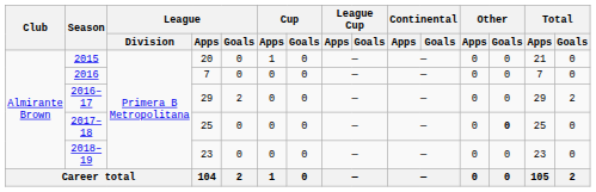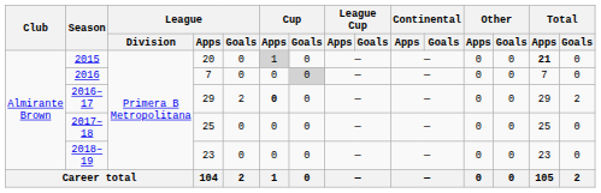 <table class="wikitable" style="text-align:center">
 <tr>
 <th rowspan="2">Club</th>
 <th rowspan="2">Season</th>
 <th colspan="3">League</th>
 <th colspan="2">Cup</th>
 <th colspan="2">League Cup</th>
 <th colspan="2">Continental</th>
 <th colspan="2">Other</th>
 <th colspan="2">Total</th>
 </tr>
 <tr>
 <th>Division</th>
 <th>Apps</th>
 <th>Goals</th>
 <th>Apps</th>
 <th>Goals</th>
 <th>Apps</th>
 <th>Goals</th>
 <th>Apps</th>
 <th>Goals</th>
 <th>Apps</th>
 <th>Goals</th>
 <th>Apps</th>
 <th>Goals</th>
 </tr>
 <tr>
 <td rowspan="5"><a href='#'>Almirante Brown</a></td>
 <td><a href='#'>2015</a></td>
 <td rowspan="5"><a href='#'>Primera B Metropolitana</a></td>
 <td>20</td>
 <td>0</td>
-<td>1</td>
+<td style="background: lightgrey;">1</td>
 <td>0</td>
 <td colspan="2">—</td>
 <td colspan="2">—</td>
 <td>0</td>
 <td>0</td>
-<td>21</td>
+<td><strong>21</strong></td>
 <td>0</td>
 </tr>
 <tr>
 <td><a href='#'>2016</a></td>
 <td>7</td>
 <td>0</td>
 <td>0</td>
-<td>0</td>
+<td style="background: lightgrey;">0</td>
 <td colspan="2">—</td>
 <td colspan="2">—</td>
 <td>0</td>
 <td>0</td>
 <td>7</td>
 <td>0</td>
 </tr>
 <tr>
 <td><a href='#'>2016–17</a></td>
 <td>29</td>
 <td>2</td>
-<td>0</td>
+<td><strong>0</strong></td>
 <td>0</td>
 <td colspan="2">—</td>
 <td colspan="2">—</td>
 <td>0</td>
 <td>0</td>
 <td>29</td>
 <td>2</td>
 </tr>
 <tr>
 <td><a href='#'>2017–18</a></td>
 <td>25</td>
 <td>0</td>
 <td>0</td>
 <td>0</td>
 <td colspan="2">—</td>
 <td colspan="2">—</td>
 <td>0</td>
-<td><strong>0</strong></td>
+<td>0</td>
 <td>25</td>
 <td>0</td>
 </tr>
 <tr>
 <td><a href='#'>2018–19</a></td>
 <td>23</td>
 <td>0</td>
 <td>0</td>
 <td>0</td>
 <td colspan="2">—</td>
 <td colspan="2">—</td>
 <td>0</td>
 <td>0</td>
 <td>23</td>
 <td>0</td>
 </tr>
 <tr>
 <th colspan="3">Career total</th>
 <th>104</th>
 <th>2</th>
 <th>1</th>
 <th>0</th>
 <th colspan="2">—</th>
 <th colspan="2">—</th>
 <th>0</th>
 <th>0</th>
 <th>105</th>
 <th>2</th>
 </tr>
 </table>
